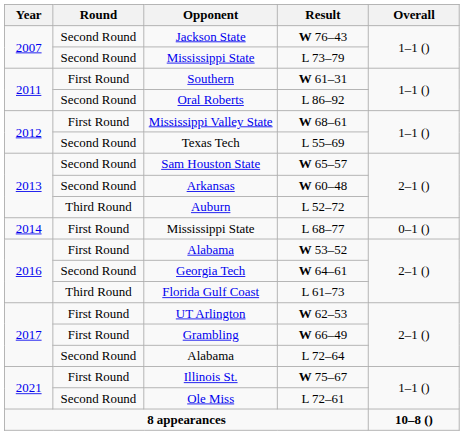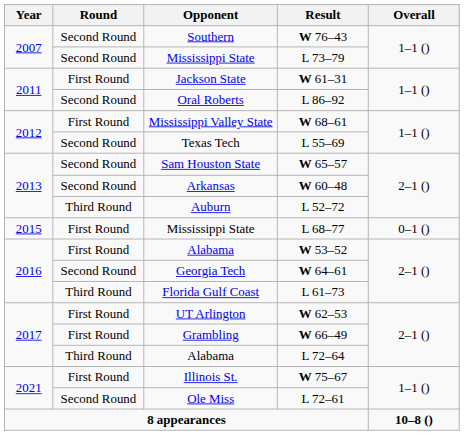 <table class="wikitable" style="font-size: 95%;">
 <tr>
 <th style="width: 50px; ">Year</th>
 <th style="width: 100px; ">Round</th>
 <th style="width: 150px; ">Opponent</th>
 <th style="width: 100px; ">Result</th>
 <th style="width: 100px; ">Overall</th>
 </tr>
 <tr align="center">
 <td rowspan="2"><a href='#'>2007</a></td>
 <td>Second Round</td>
-<td><a href='#'>Jackson State</a></td>
+<td><a href='#'>Southern</a></td>
 <td><strong>W</strong> 76–43</td>
 <td rowspan="2">1–1 ()</td>
 </tr>
 <tr align="center">
 <td>Second Round</td>
 <td><a href='#'>Mississippi State</a></td>
 <td>L 73–79</td>
 </tr>
 <tr align="center">
 <td rowspan="2"><a href='#'>2011</a></td>
 <td>First Round</td>
-<td><a href='#'>Southern</a></td>
+<td><a href='#'>Jackson State</a></td>
 <td><strong>W</strong> 61–31</td>
 <td rowspan="2">1–1 ()</td>
 </tr>
 <tr align="center">
 <td>Second Round</td>
 <td><a href='#'>Oral Roberts</a></td>
 <td>L 86–92</td>
 </tr>
 <tr align="center">
 <td rowspan="2"><a href='#'>2012</a></td>
 <td>First Round</td>
 <td><a href='#'>Mississippi Valley State</a></td>
 <td><strong>W</strong> 68–61</td>
 <td rowspan="2">1–1 ()</td>
 </tr>
 <tr align="center">
 <td>Second Round</td>
 <td>Texas Tech</td>
 <td>L 55–69</td>
 </tr>
 <tr align="center">
 <td rowspan="3"><a href='#'>2013</a></td>
 <td>Second Round</td>
 <td><a href='#'>Sam Houston State</a></td>
 <td><strong>W</strong> 65–57</td>
 <td rowspan="3">2–1 ()</td>
 </tr>
 <tr align="center">
 <td>Second Round</td>
 <td><a href='#'>Arkansas</a></td>
 <td><strong>W</strong> 60–48</td>
 </tr>
 <tr align="center">
 <td>Third Round</td>
 <td><a href='#'>Auburn</a></td>
 <td>L 52–72</td>
 </tr>
 <tr align="center">
-<td><a href='#'>2014</a></td>
+<td><a href='#'>2015</a></td>
 <td>First Round</td>
 <td>Mississippi State</td>
 <td>L 68–77</td>
 <td>0–1 ()</td>
 </tr>
 <tr align="center">
 <td rowspan="3"><a href='#'>2016</a></td>
 <td>First Round</td>
 <td><a href='#'>Alabama</a></td>
 <td><strong>W</strong> 53–52</td>
 <td rowspan="3">2–1 ()</td>
 </tr>
 <tr align="center">
 <td>Second Round</td>
 <td><a href='#'>Georgia Tech</a></td>
 <td><strong>W</strong> 64–61</td>
 </tr>
 <tr align="center">
 <td>Third Round</td>
 <td><a href='#'>Florida Gulf Coast</a></td>
 <td>L 61–73</td>
 </tr>
 <tr align="center">
 <td rowspan="3"><a href='#'>2017</a></td>
 <td>First Round</td>
 <td><a href='#'>UT Arlington</a></td>
 <td><strong>W</strong> 62–53</td>
 <td rowspan="3">2–1 ()</td>
 </tr>
 <tr align="center">
 <td>First Round</td>
 <td><a href='#'>Grambling</a></td>
 <td><strong>W</strong> 66–49</td>
 </tr>
 <tr align="center">
-<td>Second Round</td>
+<td>Third Round</td>
 <td>Alabama</td>
 <td>L 72–64</td>
 </tr>
 <tr align="center">
 <td rowspan="2"><a href='#'>2021</a></td>
 <td>First Round</td>
 <td><a href='#'>Illinois St.</a></td>
 <td><strong>W</strong> 75–67</td>
 <td rowspan="2">1–1 ()</td>
 </tr>
 <tr align="center">
 <td>Second Round</td>
 <td><a href='#'>Ole Miss</a></td>
 <td>L 72–61</td>
 </tr>
 <tr align="center">
 <td colspan="4"><strong>8 appearances</strong></td>
 <td colspan="1"><strong>10–8 ()</strong></td>
 </tr>
 </table>
